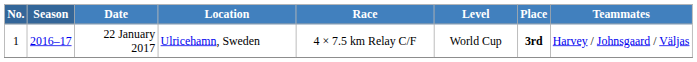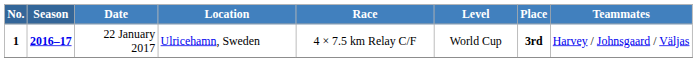 <table class="wikitable sortable" style="font-size:95%; text-align:center; border:grey solid 1px; border-collapse:collapse; background:#ffffff;">
 <tr style="background:#efefef;">
 <th style="background-color:#369; color:white;">No.</th>
 <th style="background-color:#369; color:white;">Season</th>
 <th style="background-color:#4180be; color:white; width:100px;">Date</th>
 <th style="background-color:#4180be; color:white; width:170px;">Location</th>
 <th style="background-color:#4180be; color:white; width:170px;">Race</th>
 <th style="background-color:#4180be; color:white; width:100px;">Level</th>
 <th style="background-color:#4180be; color:white;">Place</th>
 <th style="background-color:#4180be; color:white;">Teammates</th>
 </tr>
 <tr>
-<td align=center>1</td>
-<td rowspan=1 align=center><a href='#'>2016–17</a></td>
+<td align=center><strong>1</strong></td>
+<td rowspan=1 align=center><strong><a href='#'>2016–17</a></strong></td>
 <td align=right>22 January 2017</td>
 <td align=left> <a href='#'>Ulricehamn</a>, Sweden</td>
 <td>4  × 7.5 km Relay C/F</td>
 <td>World Cup</td>
 <td><strong>3rd</strong></td>
 <td><a href='#'>Harvey</a> / <a href='#'>Johnsgaard</a> / <a href='#'>Väljas</a></td>
 </tr>
 <tr>
 </tr>
 </table>
